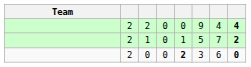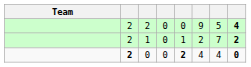 <table class="wikitable" style="text-align:center;">
 <tr>
 <th width=165>Team</th>
 <th width=20></th>
 <th width=20></th>
 <th width=20></th>
 <th width=20></th>
 <th width=20></th>
 <th width=20></th>
 <th width=20></th>
 </tr>
 <tr style="background:#cfc;">
 <td align="left"></td>
 <td>2</td>
 <td>2</td>
 <td>0</td>
 <td>0</td>
 <td>9</td>
-<td>4</td>
+<td>5</td>
 <td><strong>4</strong></td>
 </tr>
 <tr style="background:#cfc;">
 <td align="left"></td>
 <td>2</td>
 <td>1</td>
 <td>0</td>
 <td>1</td>
-<td>5</td>
+<td>2</td>
 <td>7</td>
 <td><strong>2</strong></td>
 </tr>
 <tr>
 <td align="left"></td>
-<td>2</td>
+<td><strong>2</strong></td>
 <td>0</td>
 <td>0</td>
 <td><strong>2</strong></td>
-<td>3</td>
-<td>6</td>
+<td>4</td>
+<td>4</td>
 <td><strong>0</strong></td>
 </tr>
 </table>
